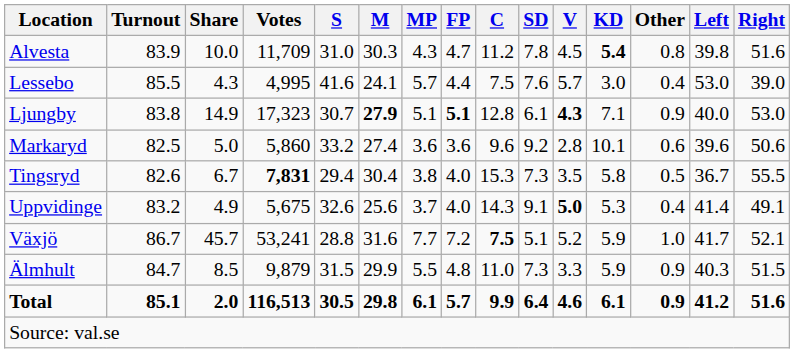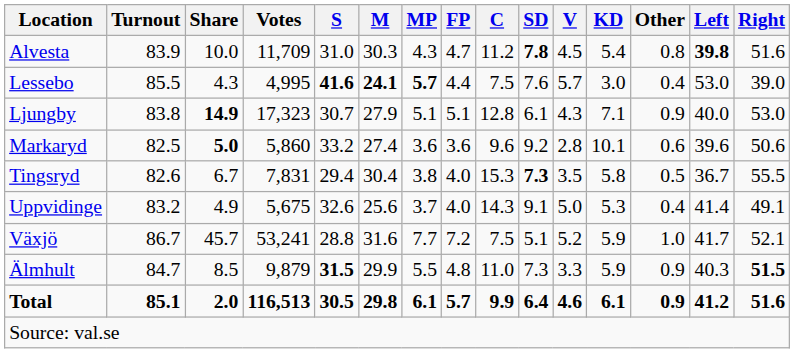 <table class="wikitable sortable" style=text-align:right>
 <tr>
 <th>Location</th>
 <th>Turnout</th>
 <th>Share</th>
 <th>Votes</th>
 <th><a href='#'>S</a></th>
 <th><a href='#'>M</a></th>
 <th><a href='#'>MP</a></th>
 <th><a href='#'>FP</a></th>
 <th><a href='#'>C</a></th>
 <th><a href='#'>SD</a></th>
 <th><a href='#'>V</a></th>
 <th><a href='#'>KD</a></th>
 <th>Other</th>
 <th><a href='#'>Left</a></th>
 <th><a href='#'>Right</a></th>
 </tr>
 <tr>
 <td align=left><a href='#'>Alvesta</a></td>
 <td>83.9</td>
 <td>10.0</td>
 <td>11,709</td>
 <td>31.0</td>
 <td>30.3</td>
 <td>4.3</td>
 <td>4.7</td>
 <td>11.2</td>
-<td>7.8</td>
+<td><strong>7.8</strong></td>
 <td>4.5</td>
-<td><strong>5.4</strong></td>
+<td>5.4</td>
 <td>0.8</td>
-<td>39.8</td>
+<td><strong>39.8</strong></td>
 <td>51.6</td>
 </tr>
 <tr>
 <td align=left><a href='#'>Lessebo</a></td>
 <td>85.5</td>
 <td>4.3</td>
 <td>4,995</td>
-<td>41.6</td>
-<td>24.1</td>
-<td>5.7</td>
+<td><strong>41.6</strong></td>
+<td><strong>24.1</strong></td>
+<td><strong>5.7</strong></td>
 <td>4.4</td>
 <td>7.5</td>
 <td>7.6</td>
 <td>5.7</td>
 <td>3.0</td>
 <td>0.4</td>
 <td>53.0</td>
 <td>39.0</td>
 </tr>
 <tr>
 <td align=left><a href='#'>Ljungby</a></td>
 <td>83.8</td>
-<td>14.9</td>
+<td><strong>14.9</strong></td>
 <td>17,323</td>
 <td>30.7</td>
-<td><strong>27.9</strong></td>
+<td>27.9</td>
 <td>5.1</td>
-<td><strong>5.1</strong></td>
+<td>5.1</td>
 <td>12.8</td>
 <td>6.1</td>
-<td><strong>4.3</strong></td>
+<td>4.3</td>
 <td>7.1</td>
 <td>0.9</td>
 <td>40.0</td>
 <td>53.0</td>
 </tr>
 <tr>
 <td align=left><a href='#'>Markaryd</a></td>
 <td>82.5</td>
-<td>5.0</td>
+<td><strong>5.0</strong></td>
 <td>5,860</td>
 <td>33.2</td>
 <td>27.4</td>
 <td>3.6</td>
 <td>3.6</td>
 <td>9.6</td>
 <td>9.2</td>
 <td>2.8</td>
 <td>10.1</td>
 <td>0.6</td>
 <td>39.6</td>
 <td>50.6</td>
 </tr>
 <tr>
 <td align=left><a href='#'>Tingsryd</a></td>
 <td>82.6</td>
 <td>6.7</td>
-<td><strong>7,831</strong></td>
+<td>7,831</td>
 <td>29.4</td>
 <td>30.4</td>
 <td>3.8</td>
 <td>4.0</td>
 <td>15.3</td>
-<td>7.3</td>
+<td><strong>7.3</strong></td>
 <td>3.5</td>
 <td>5.8</td>
 <td>0.5</td>
 <td>36.7</td>
 <td>55.5</td>
 </tr>
 <tr>
 <td align=left><a href='#'>Uppvidinge</a></td>
 <td>83.2</td>
 <td>4.9</td>
 <td>5,675</td>
 <td>32.6</td>
 <td>25.6</td>
 <td>3.7</td>
 <td>4.0</td>
 <td>14.3</td>
 <td>9.1</td>
-<td><strong>5.0</strong></td>
+<td>5.0</td>
 <td>5.3</td>
 <td>0.4</td>
 <td>41.4</td>
 <td>49.1</td>
 </tr>
 <tr>
 <td align=left><a href='#'>Växjö</a></td>
 <td>86.7</td>
 <td>45.7</td>
 <td>53,241</td>
 <td>28.8</td>
 <td>31.6</td>
 <td>7.7</td>
 <td>7.2</td>
-<td><strong>7.5</strong></td>
+<td>7.5</td>
 <td>5.1</td>
 <td>5.2</td>
 <td>5.9</td>
 <td>1.0</td>
 <td>41.7</td>
 <td>52.1</td>
 </tr>
 <tr>
 <td align=left><a href='#'>Älmhult</a></td>
 <td>84.7</td>
 <td>8.5</td>
 <td>9,879</td>
-<td>31.5</td>
+<td><strong>31.5</strong></td>
 <td>29.9</td>
 <td>5.5</td>
 <td>4.8</td>
 <td>11.0</td>
 <td>7.3</td>
 <td>3.3</td>
 <td>5.9</td>
 <td>0.9</td>
 <td>40.3</td>
-<td>51.5</td>
+<td><strong>51.5</strong></td>
 </tr>
 <tr>
 <td align=left><strong>Total</strong></td>
 <td><strong>85.1</strong></td>
 <td><strong>2.0</strong></td>
 <td><strong>116,513</strong></td>
 <td><strong>30.5</strong></td>
 <td><strong>29.8</strong></td>
 <td><strong>6.1</strong></td>
 <td><strong>5.7</strong></td>
 <td><strong>9.9</strong></td>
 <td><strong>6.4</strong></td>
 <td><strong>4.6</strong></td>
 <td><strong>6.1</strong></td>
 <td><strong>0.9</strong></td>
 <td><strong>41.2</strong></td>
 <td><strong>51.6</strong></td>
 </tr>
 <tr>
 <td align=left colspan=15>Source: val.se </td>
 </tr>
 </table>
